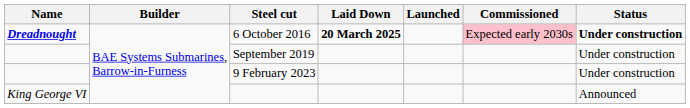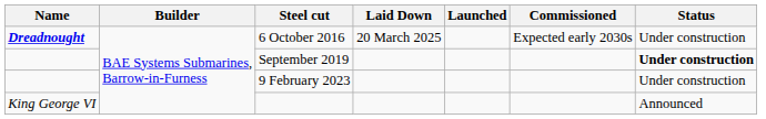 <table class="wikitable" align="center">
 <tr>
 <th>Name</th>
 <th>Builder</th>
 <th>Steel cut</th>
 <th>Laid Down</th>
 <th>Launched</th>
 <th>Commissioned</th>
 <th>Status</th>
 </tr>
 <tr>
 <td><strong><a href='#'><em>Dreadnought</em></a></strong></td>
 <td rowspan=4><a href='#'>BAE Systems Submarines</a>,<br> <a href='#'>Barrow-in-Furness</a></td>
 <td>6 October 2016</td>
-<td><strong>20 March 2025</strong></td>
+<td>20 March 2025</td>
 <td></td>
-<td style="background: pink;">Expected early 2030s</td>
-<td><strong>Under construction</strong></td>
+<td>Expected early 2030s</td>
+<td>Under construction</td>
 </tr>
 <tr>
 <td></td>
 <td>September 2019</td>
 <td></td>
 <td></td>
 <td></td>
-<td>Under construction</td>
+<td><strong>Under construction</strong></td>
 </tr>
 <tr>
 <td></td>
 <td>9 February 2023</td>
 <td></td>
 <td></td>
 <td></td>
 <td>Under construction</td>
 </tr>
 <tr>
 <td><em>King George VI</em></td>
 <td></td>
 <td></td>
 <td></td>
 <td></td>
 <td>Announced</td>
 </tr>
 </table>
